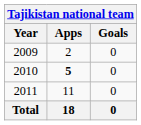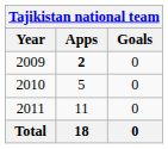 <table class="wikitable" style="text-align:center">
 <tr>
 <th colspan=3><a href='#'>Tajikistan national team</a></th>
 </tr>
 <tr>
 <th>Year</th>
 <th>Apps</th>
 <th>Goals</th>
 </tr>
 <tr>
 <td>2009</td>
-<td>2</td>
+<td><strong>2</strong></td>
 <td>0</td>
 </tr>
 <tr>
 <td>2010</td>
-<td><strong>5</strong></td>
+<td>5</td>
 <td>0</td>
 </tr>
 <tr>
 <td>2011</td>
 <td>11</td>
 <td>0</td>
 </tr>
 <tr>
 <th>Total</th>
 <th>18</th>
 <th>0</th>
 </tr>
 </table>
